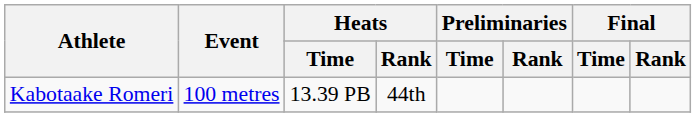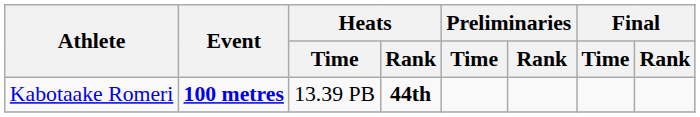 <table class=wikitable style="font-size:90%;">
 <tr>
 <th rowspan=2>Athlete</th>
 <th rowspan=2>Event</th>
 <th colspan=2>Heats</th>
 <th colspan=2>Preliminaries</th>
 <th colspan=2>Final</th>
 </tr>
 <tr>
 <th>Time</th>
 <th>Rank</th>
 <th>Time</th>
 <th>Rank</th>
 <th>Time</th>
 <th>Rank</th>
 </tr>
 <tr>
 <td><a href='#'>Kabotaake Romeri</a></td>
-<td><a href='#'>100 metres</a></td>
+<td><strong><a href='#'>100 metres</a></strong></td>
 <td align="center">13.39 PB</td>
-<td align="center">44th</td>
+<td align="center"><strong>44th</strong></td>
 <td align="center"></td>
 <td align="center"></td>
 <td align="center"></td>
 <td align="center"></td>
 </tr>
 </table>
